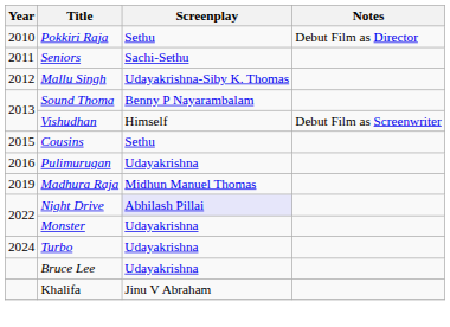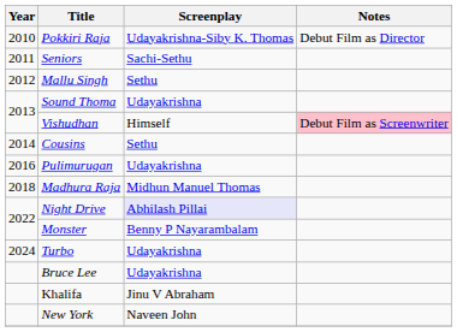 <table class="wikitable sortable">
 <tr>
 <th>Year</th>
 <th>Title</th>
 <th>Screenplay</th>
 <th class="unsortable">Notes</th>
 </tr>
 <tr>
 <td>2010</td>
 <td><a href='#'><em>Pokkiri Raja</em></a></td>
-<td><a href='#'>Sethu</a></td>
+<td><a href='#'>Udayakrishna-Siby K. Thomas</a></td>
 <td>Debut Film as <a href='#'>Director</a></td>
 </tr>
 <tr>
 <td>2011</td>
 <td><em><a href='#'>Seniors</a></em></td>
 <td><a href='#'>Sachi-Sethu</a></td>
 <td></td>
 </tr>
 <tr>
 <td>2012</td>
 <td><em><a href='#'>Mallu Singh</a></em></td>
-<td><a href='#'>Udayakrishna-Siby K. Thomas</a></td>
+<td><a href='#'>Sethu</a></td>
 <td></td>
 </tr>
 <tr>
 <td rowspan="2”">2013</td>
 <td><em><a href='#'>Sound Thoma</a></em></td>
-<td><a href='#'>Benny P Nayarambalam</a></td>
+<td><a href='#'>Udayakrishna</a></td>
 <td></td>
 </tr>
 <tr>
 <td><em><a href='#'>Vishudhan</a></em></td>
 <td>Himself</td>
-<td>Debut Film as <a href='#'>Screenwriter</a></td>
+<td style="background: pink;">Debut Film as <a href='#'>Screenwriter</a></td>
 </tr>
 <tr>
-<td>2015</td>
+<td>2014</td>
 <td><em><a href='#'>Cousins</a></em></td>
 <td><a href='#'>Sethu</a></td>
 <td></td>
 </tr>
 <tr>
 <td>2016</td>
 <td><em><a href='#'>Pulimurugan</a></em></td>
 <td><a href='#'>Udayakrishna</a></td>
 <td></td>
 </tr>
 <tr>
-<td>2019</td>
+<td>2018</td>
 <td><em><a href='#'>Madhura Raja</a></em></td>
 <td><a href='#'>Midhun Manuel Thomas</a></td>
 <td></td>
 </tr>
 <tr>
 <td rowspan="2">2022</td>
 <td><em><a href='#'>Night Drive</a></em></td>
 <td style="background: lavender;"><a href='#'>Abhilash Pillai</a></td>
 <td></td>
 </tr>
 <tr>
 <td><em><a href='#'>Monster</a></em></td>
-<td><a href='#'>Udayakrishna</a></td>
+<td><a href='#'>Benny P Nayarambalam</a></td>
 <td></td>
 </tr>
 <tr>
 <td>2024</td>
 <td><em><a href='#'>Turbo</a></em></td>
 <td><a href='#'>Udayakrishna</a></td>
 <td></td>
 </tr>
 <tr>
 <td></td>
 <td><em>Bruce Lee</em></td>
 <td><a href='#'>Udayakrishna</a></td>
 <td></td>
 </tr>
 <tr>
 <td></td>
 <td>Khalifa</td>
 <td>Jinu V Abraham</td>
 <td></td>
 </tr>
 <tr>
+<td></td>
+<td><em>New York</em></td>
+<td>Naveen John</td>
+<td></td>
+</tr>
+<tr>
 </tr>
 </table>
